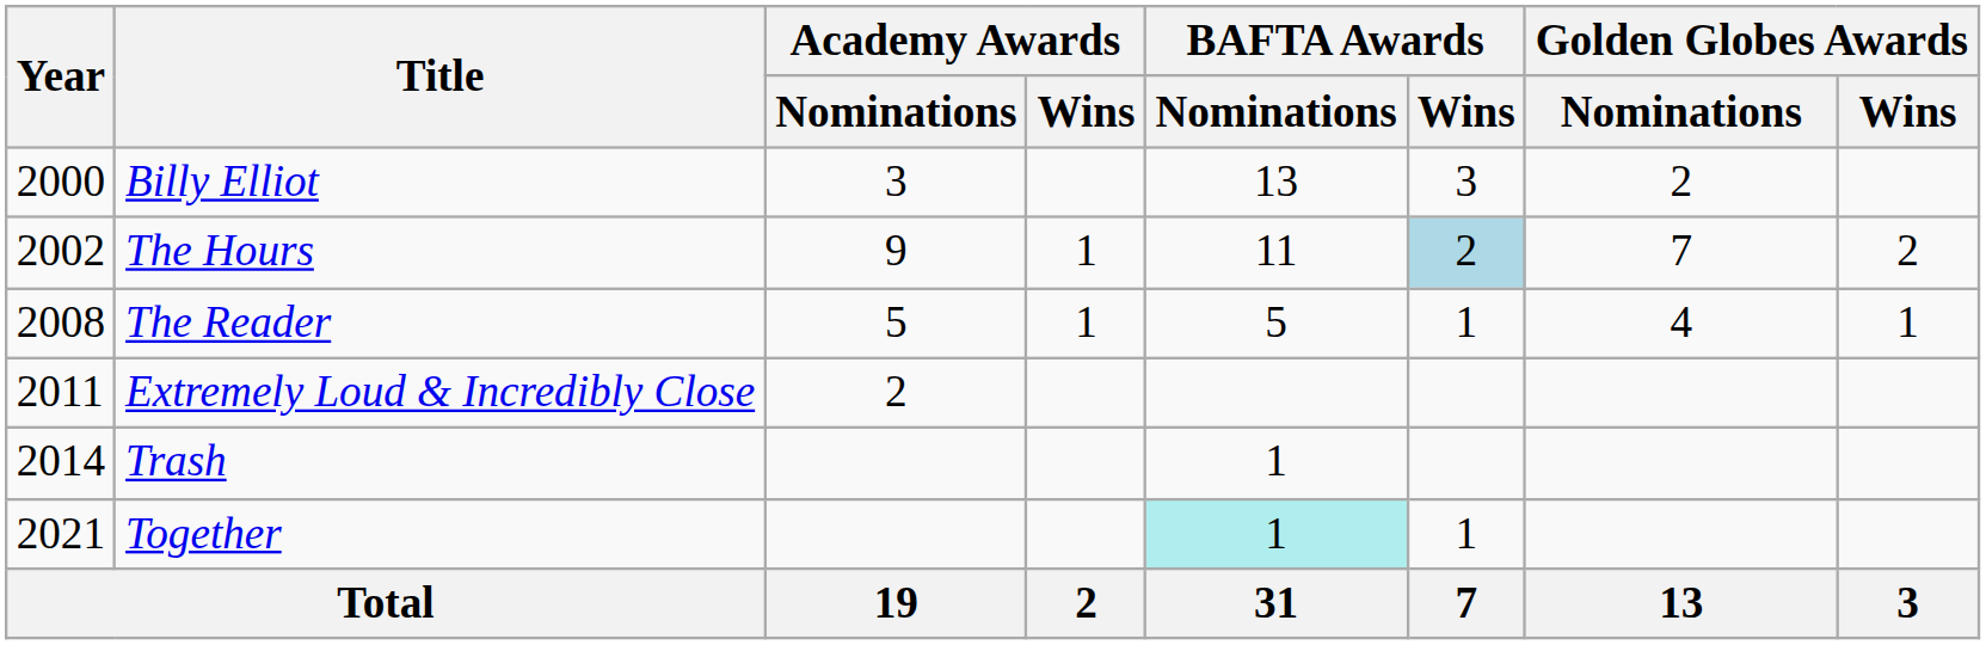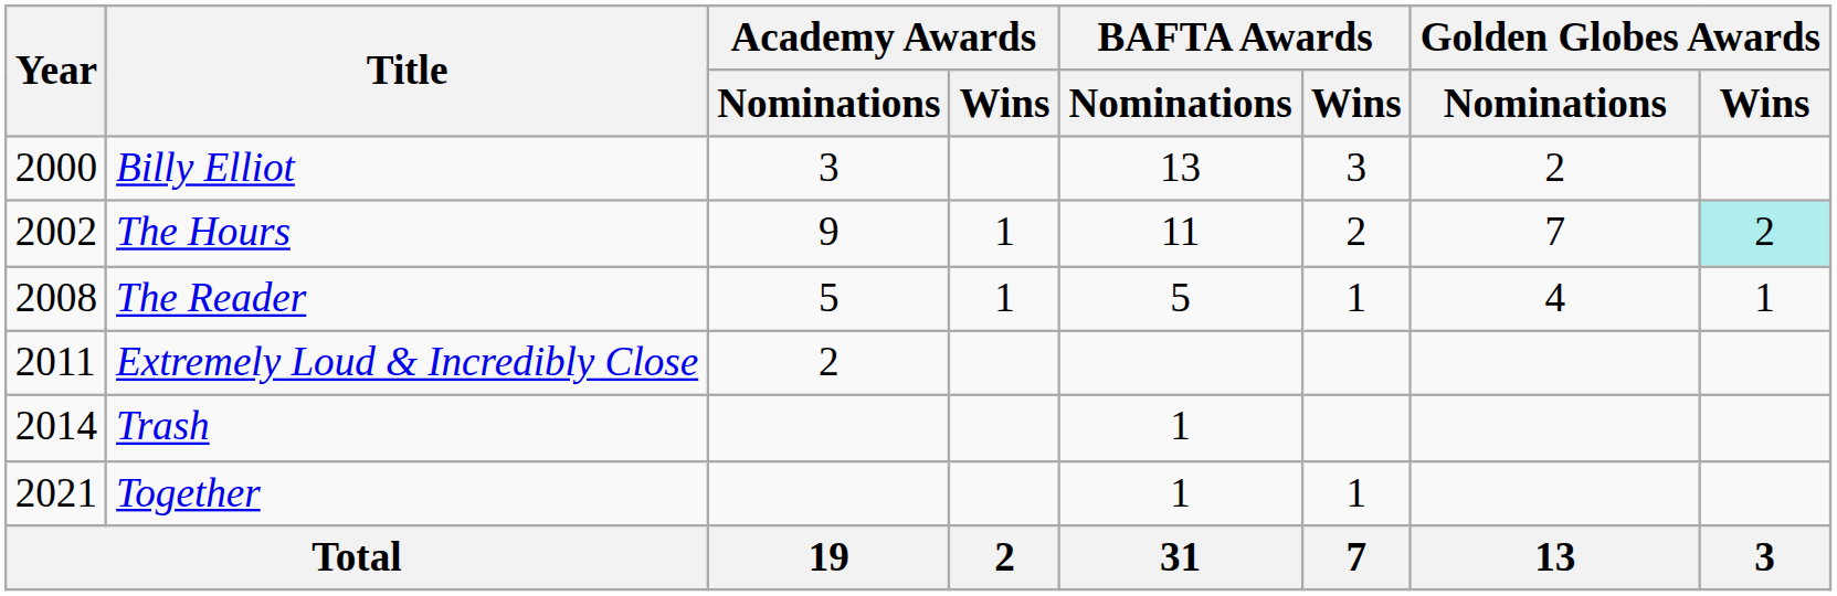 <table class="wikitable">
 <tr>
 <th rowspan="2">Year</th>
 <th rowspan="2">Title</th>
 <th colspan="2">Academy Awards</th>
 <th colspan="2">BAFTA Awards</th>
 <th colspan="2">Golden Globes Awards</th>
 </tr>
 <tr>
 <th>Nominations</th>
 <th>Wins</th>
 <th>Nominations</th>
 <th>Wins</th>
 <th>Nominations</th>
 <th>Wins</th>
 </tr>
 <tr>
 <td>2000</td>
 <td><em><a href='#'>Billy Elliot</a></em></td>
 <td align=center>3</td>
 <td></td>
 <td align=center>13</td>
 <td align=center>3</td>
 <td align=Center>2</td>
 <td></td>
 </tr>
 <tr>
 <td>2002</td>
 <td><em><a href='#'>The Hours</a></em></td>
 <td align=center>9</td>
 <td align=center>1</td>
 <td align=center>11</td>
-<td align=center style="background: lightblue;">2</td>
+<td align=center>2</td>
 <td align=center>7</td>
-<td align=center>2</td>
+<td align=center style="background: paleturquoise;">2</td>
 </tr>
 <tr>
 <td>2008</td>
 <td><em><a href='#'>The Reader</a></em></td>
 <td align=center>5</td>
 <td align=center>1</td>
 <td align=center>5</td>
 <td align=center>1</td>
 <td align=center>4</td>
 <td align=center>1</td>
 </tr>
 <tr>
 <td>2011</td>
 <td><em><a href='#'>Extremely Loud & Incredibly Close</a></em></td>
 <td align=center>2</td>
 <td></td>
 <td></td>
 <td></td>
 <td></td>
 <td></td>
 </tr>
 <tr>
 <td>2014</td>
 <td><em><a href='#'>Trash</a></em></td>
 <td></td>
 <td></td>
 <td align=center>1</td>
 <td></td>
 <td></td>
 <td></td>
 </tr>
 <tr>
 <td>2021</td>
 <td><em><a href='#'>Together</a></em></td>
 <td></td>
 <td></td>
-<td align=center style="background: paleturquoise;">1</td>
+<td align=center>1</td>
 <td align=center>1</td>
 <td></td>
 <td></td>
 </tr>
 <tr>
 <th colspan="2" style="text-align:center"><strong>Total</strong></th>
 <th>19</th>
 <th>2</th>
 <th>31</th>
 <th>7</th>
 <th>13</th>
 <th>3</th>
 </tr>
 </table>
